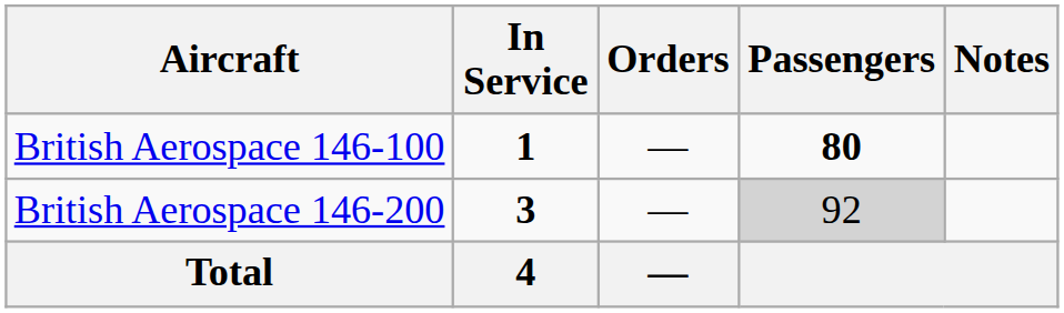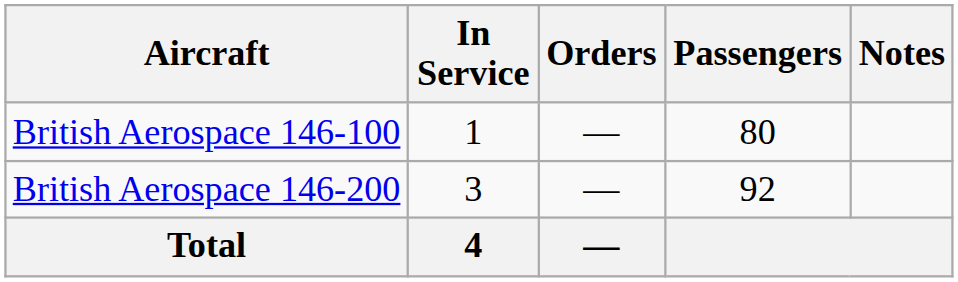 <table class="wikitable" style="margin:1em auto; border-collapse:collapse;text-align:center">
 <tr>
 <th>Aircraft</th>
 <th>In <br>Service</th>
 <th>Orders</th>
 <th>Passengers</th>
 <th>Notes</th>
 </tr>
 <tr>
 <td><a href='#'>British Aerospace 146-100</a></td>
-<td><strong>1</strong></td>
+<td>1</td>
 <td>—</td>
-<td><strong>80</strong></td>
+<td>80</td>
 <td></td>
 </tr>
 <tr>
 <td><a href='#'>British Aerospace 146-200</a></td>
-<td><strong>3</strong></td>
+<td>3</td>
 <td>—</td>
-<td style="background: lightgrey;">92</td>
+<td>92</td>
 <td></td>
 </tr>
 <tr>
 <th>Total</th>
 <th>4</th>
 <th>—</th>
 <th colspan="5"></th>
 </tr>
 </table>
